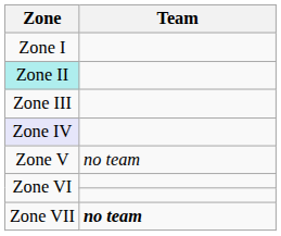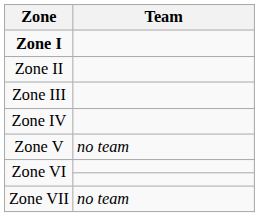 <table class="wikitable">
 <tr>
 <th width=60>Zone</th>
 <th width=170>Team</th>
 </tr>
 <tr>
-<td align=center>Zone I</td>
+<td align=center><strong>Zone I</strong></td>
 <td> <em></em></td>
 </tr>
 <tr>
-<td align=center style="background: paleturquoise;">Zone II</td>
+<td align=center>Zone II</td>
 <td></td>
 </tr>
 <tr>
 <td align=center>Zone III</td>
 <td></td>
 </tr>
 <tr>
-<td align=center style="background: lavender;">Zone IV</td>
+<td align=center>Zone IV</td>
 <td></td>
 </tr>
 <tr>
 <td align=center>Zone V</td>
 <td><em>no team</em></td>
 </tr>
 <tr>
 <td align=center rowspan=2>Zone VI</td>
 <td></td>
 </tr>
 <tr>
 <td></td>
 </tr>
 <tr>
 <td align=center>Zone VII</td>
-<td><strong><em>no team</em></strong></td>
+<td><em>no team</em></td>
 </tr>
 </table>
